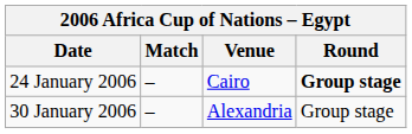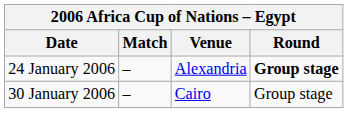 <table class="wikitable">
 <tr>
 <th colspan="4">2006 Africa Cup of Nations – Egypt</th>
 </tr>
 <tr>
 <th>Date</th>
 <th>Match</th>
 <th>Venue</th>
 <th>Round</th>
 </tr>
 <tr>
 <td>24 January 2006</td>
 <td> – </td>
-<td><a href='#'>Cairo</a></td>
+<td><a href='#'>Alexandria</a></td>
 <td><strong>Group stage</strong></td>
 </tr>
 <tr>
 <td>30 January 2006</td>
 <td> – </td>
-<td><a href='#'>Alexandria</a></td>
+<td><a href='#'>Cairo</a></td>
 <td>Group stage</td>
 </tr>
 </table>
